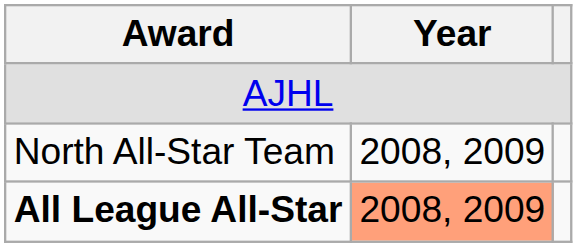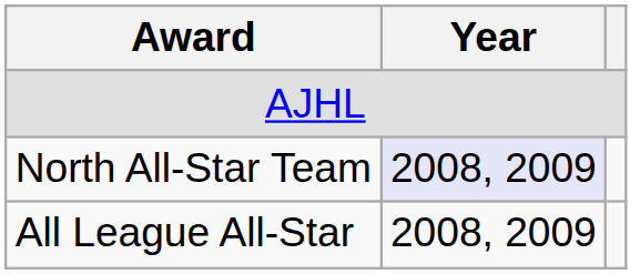 <table class="wikitable">
 <tr>
 <th>Award</th>
 <th>Year</th>
 <th></th>
 </tr>
 <tr ALIGN="center" bgcolor="#e0e0e0">
 <td colspan="3"><a href='#'>AJHL</a></td>
 </tr>
 <tr>
 <td>North All-Star Team</td>
+<td style="background: lavender;">2008, 2009</td>
+<td></td>
+</tr>
+<tr>
+<td>All League All-Star</td>
 <td>2008, 2009</td>
 <td></td>
 </tr>
-<tr>
-<td><strong>All League All-Star</strong></td>
-<td style="background: lightsalmon;">2008, 2009</td>
-<td></td>
-</tr>
 </table>
